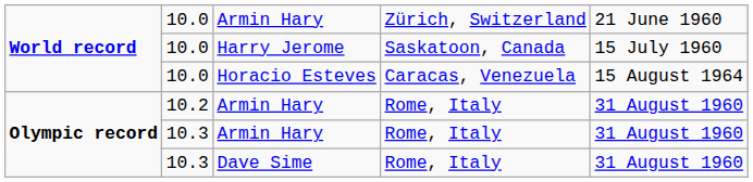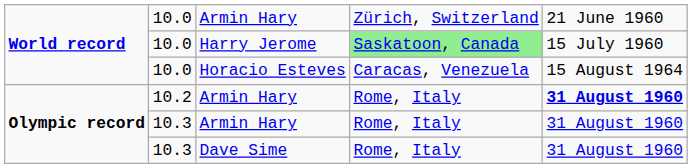 <table class="wikitable">
 <tr>
 <td rowspan=3><strong><a href='#'>World record</a></strong></td>
 <td align=center>10.0</td>
 <td> <a href='#'>Armin Hary</a></td>
 <td><a href='#'>Zürich</a>, <a href='#'>Switzerland</a></td>
 <td>21 June 1960</td>
 </tr>
 <tr>
 <td align=center>10.0</td>
 <td> <a href='#'>Harry Jerome</a></td>
-<td><a href='#'>Saskatoon</a>, <a href='#'>Canada</a></td>
+<td style="background: lightgreen;"><a href='#'>Saskatoon</a>, <a href='#'>Canada</a></td>
 <td>15 July 1960</td>
 </tr>
 <tr>
 <td align=center>10.0</td>
 <td> <a href='#'>Horacio Esteves</a></td>
 <td><a href='#'>Caracas</a>, <a href='#'>Venezuela</a></td>
 <td>15 August 1964</td>
 </tr>
 <tr>
 <td rowspan=3><strong>Olympic record</strong></td>
 <td align=center>10.2</td>
 <td> <a href='#'>Armin Hary</a></td>
 <td><a href='#'>Rome</a>, <a href='#'>Italy</a></td>
-<td><a href='#'>31 August 1960</a></td>
+<td><strong><a href='#'>31 August 1960</a></strong></td>
 </tr>
 <tr>
 <td align=center>10.3</td>
 <td> <a href='#'>Armin Hary</a></td>
 <td><a href='#'>Rome</a>, <a href='#'>Italy</a></td>
 <td><a href='#'>31 August 1960</a></td>
 </tr>
 <tr>
 <td align=center>10.3</td>
 <td> <a href='#'>Dave Sime</a></td>
 <td><a href='#'>Rome</a>, <a href='#'>Italy</a></td>
 <td><a href='#'>31 August 1960</a></td>
 </tr>
 </table>
